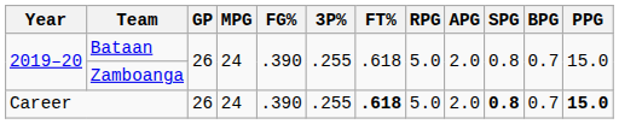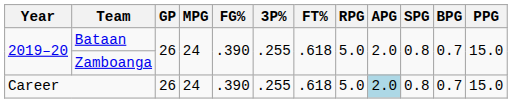 <table class="wikitable sortable">
 <tr>
 <th>Year</th>
 <th>Team</th>
 <th>GP</th>
 <th>MPG</th>
 <th>FG%</th>
 <th>3P%</th>
 <th>FT%</th>
 <th>RPG</th>
 <th>APG</th>
 <th>SPG</th>
 <th>BPG</th>
 <th>PPG</th>
 </tr>
 <tr>
 <td rowspan="2"><a href='#'>2019–20</a></td>
 <td><a href='#'>Bataan</a></td>
 <td rowspan="2">26</td>
 <td rowspan="2">24</td>
 <td rowspan="2">.390</td>
 <td rowspan="2">.255</td>
 <td rowspan="2">.618</td>
 <td rowspan="2">5.0</td>
 <td rowspan="2">2.0</td>
 <td rowspan="2">0.8</td>
 <td rowspan="2">0.7</td>
 <td rowspan="2">15.0</td>
 </tr>
 <tr>
 <td><a href='#'>Zamboanga</a></td>
 </tr>
 <tr>
 <td colspan="2">Career</td>
 <td>26</td>
 <td>24</td>
 <td>.390</td>
 <td>.255</td>
-<td><strong>.618</strong></td>
+<td>.618</td>
 <td>5.0</td>
-<td>2.0</td>
-<td><strong>0.8</strong></td>
+<td style="background: lightblue;">2.0</td>
+<td>0.8</td>
 <td>0.7</td>
-<td><strong>15.0</strong></td>
+<td>15.0</td>
 </tr>
 </table>
